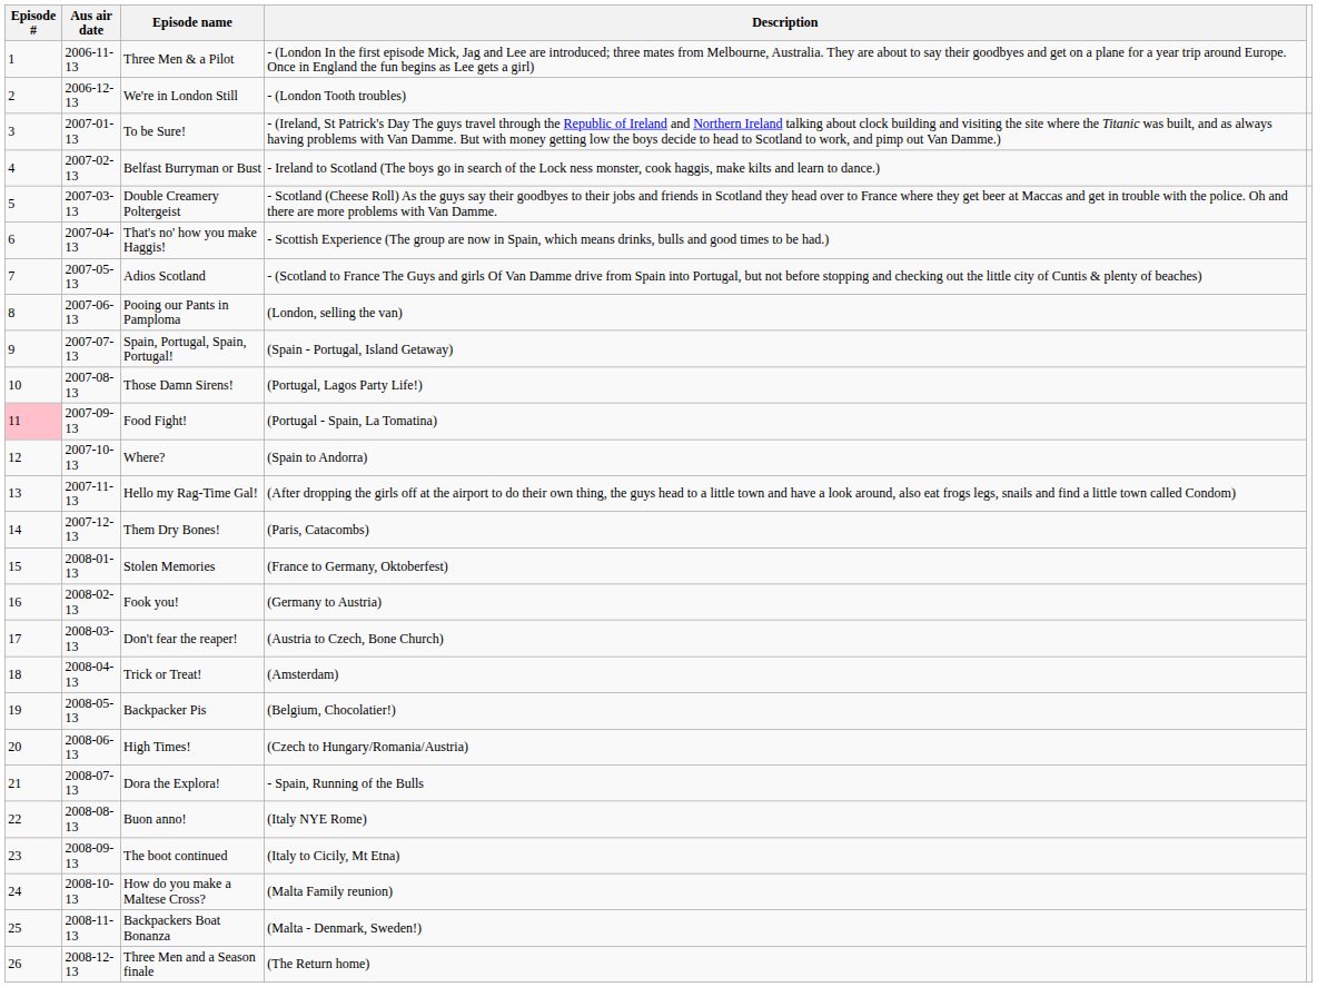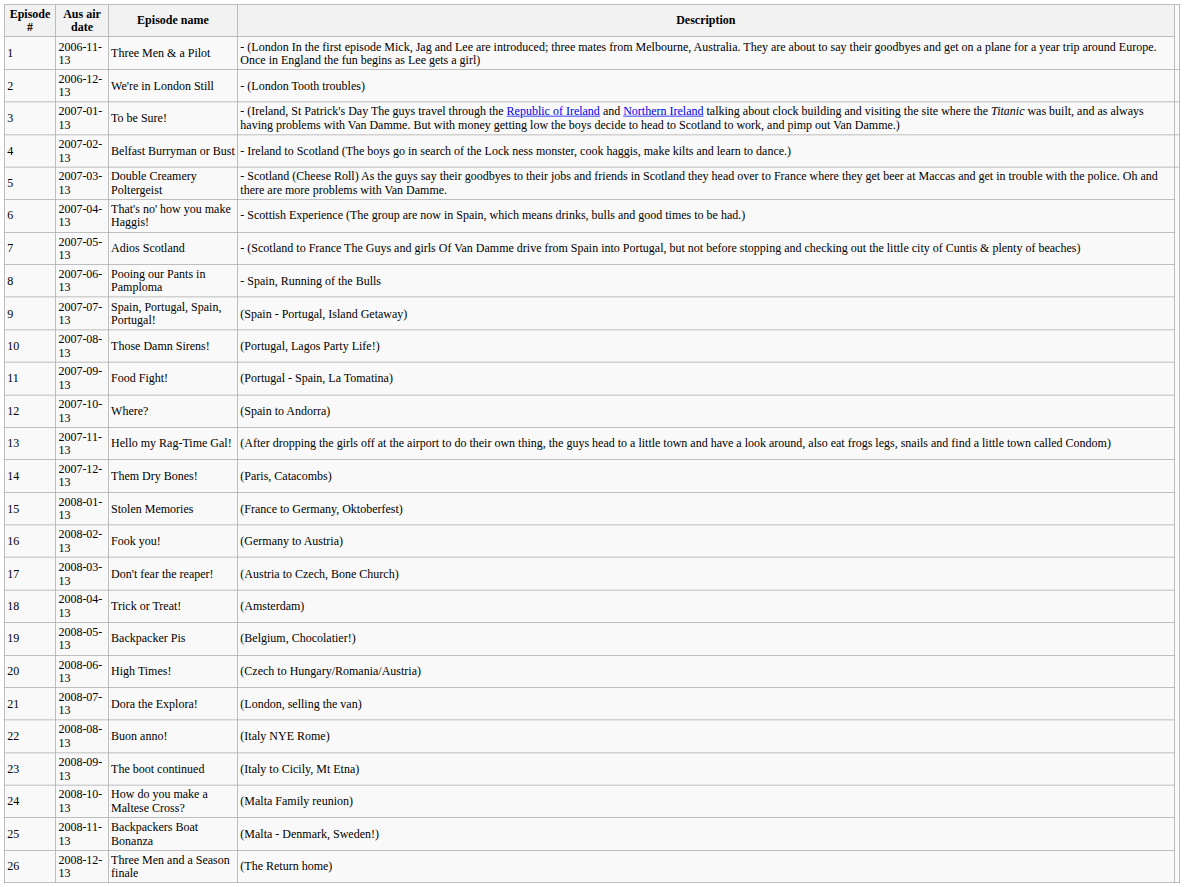 <table class="wikitable">
 <tr>
 <th>Episode #</th>
 <th>Aus air date</th>
 <th>Episode name</th>
 <th>Description</th>
 </tr>
 <tr>
 <td>1</td>
 <td>2006-11-13</td>
 <td>Three Men & a Pilot</td>
 <td>- (London  In the first episode Mick, Jag and Lee are introduced; three mates from Melbourne, Australia. They are about to say their goodbyes and get on a plane for a year trip around Europe. Once in England the fun begins as Lee gets a girl)</td>
 </tr>
 <tr>
 <td>2</td>
 <td>2006-12-13</td>
 <td>We're in London Still</td>
 <td>- (London Tooth troubles)</td>
 <td></td>
 </tr>
 <tr>
 <td>3</td>
 <td>2007-01-13</td>
 <td>To be Sure!</td>
 <td>- (Ireland, St Patrick's Day  The guys travel through the <a href='#'>Republic of Ireland</a> and <a href='#'>Northern Ireland</a> talking about clock building and visiting the site where the <em>Titanic</em> was built, and as always having problems with Van Damme. But with money getting low the boys decide to head to Scotland to work, and pimp out Van Damme.)</td>
 <td></td>
 </tr>
 <tr>
 <td>4</td>
 <td>2007-02-13</td>
 <td>Belfast Burryman or Bust</td>
 <td>- Ireland to Scotland  (The boys go in search of the Lock ness monster, cook haggis, make kilts and learn to dance.)</td>
 <td></td>
 </tr>
 <tr>
 <td>5</td>
 <td>2007-03-13</td>
 <td>Double Creamery Poltergeist</td>
 <td>- Scotland (Cheese Roll)  As the guys say their goodbyes to their jobs and friends in Scotland they head over to France where they get beer at Maccas and get in trouble with the police. Oh and there are more problems with Van Damme.</td>
 </tr>
 <tr>
 <td>6</td>
 <td>2007-04-13</td>
 <td>That's no' how you make Haggis!</td>
 <td>- Scottish Experience (The group are now in Spain, which means drinks, bulls and good times to be had.)</td>
 </tr>
 <tr>
 <td>7</td>
 <td>2007-05-13</td>
 <td>Adios Scotland</td>
 <td>- (Scotland to France  The Guys and girls Of Van Damme drive from Spain into Portugal, but not before stopping and checking out the little city of Cuntis & plenty of beaches)</td>
 </tr>
 <tr>
 <td>8</td>
 <td>2007-06-13</td>
 <td>Pooing our Pants in Pamploma</td>
-<td>(London, selling the van)</td>
+<td>- Spain, Running of the Bulls</td>
 </tr>
 <tr>
 <td>9</td>
 <td>2007-07-13</td>
 <td>Spain, Portugal, Spain, Portugal!</td>
 <td>(Spain - Portugal, Island Getaway)</td>
 </tr>
 <tr>
 <td>10</td>
 <td>2007-08-13</td>
 <td>Those Damn Sirens!</td>
 <td>(Portugal, Lagos Party Life!)</td>
 </tr>
 <tr>
-<td style="background: pink;">11</td>
+<td>11</td>
 <td>2007-09-13</td>
 <td>Food Fight!</td>
 <td>(Portugal - Spain, La Tomatina)</td>
 </tr>
 <tr>
 <td>12</td>
 <td>2007-10-13</td>
 <td>Where?</td>
 <td>(Spain to Andorra)</td>
 </tr>
 <tr>
 <td>13</td>
 <td>2007-11-13</td>
 <td>Hello my Rag-Time Gal!</td>
 <td>(After dropping the girls off at the airport to do their own thing, the guys head to a little town and have a look around, also eat frogs legs, snails and find a little town called Condom)</td>
 </tr>
 <tr>
 <td>14</td>
 <td>2007-12-13</td>
 <td>Them Dry Bones!</td>
 <td>(Paris, Catacombs)</td>
 </tr>
 <tr>
 <td>15</td>
 <td>2008-01-13</td>
 <td>Stolen Memories</td>
 <td>(France to Germany, Oktoberfest)</td>
 </tr>
 <tr>
 <td>16</td>
 <td>2008-02-13</td>
 <td>Fook you!</td>
 <td>(Germany to Austria)</td>
 </tr>
 <tr>
 <td>17</td>
 <td>2008-03-13</td>
 <td>Don't fear the reaper!</td>
 <td>(Austria to Czech, Bone Church)</td>
 </tr>
 <tr>
 <td>18</td>
 <td>2008-04-13</td>
 <td>Trick or Treat!</td>
 <td>(Amsterdam)</td>
 </tr>
 <tr>
 <td>19</td>
 <td>2008-05-13</td>
 <td>Backpacker Pis</td>
 <td>(Belgium, Chocolatier!)</td>
 </tr>
 <tr>
 <td>20</td>
 <td>2008-06-13</td>
 <td>High Times!</td>
 <td>(Czech to Hungary/Romania/Austria)</td>
 </tr>
 <tr>
 <td>21</td>
 <td>2008-07-13</td>
 <td>Dora the Explora!</td>
-<td>- Spain, Running of the Bulls</td>
+<td>(London, selling the van)</td>
 </tr>
 <tr>
 <td>22</td>
 <td>2008-08-13</td>
 <td>Buon anno!</td>
 <td>(Italy NYE Rome)</td>
 </tr>
 <tr>
 <td>23</td>
 <td>2008-09-13</td>
 <td>The boot continued</td>
 <td>(Italy to Cicily, Mt Etna)</td>
 </tr>
 <tr>
 <td>24</td>
 <td>2008-10-13</td>
 <td>How do you make a Maltese Cross?</td>
 <td>(Malta Family reunion)</td>
 </tr>
 <tr>
 <td>25</td>
 <td>2008-11-13</td>
 <td>Backpackers Boat Bonanza</td>
 <td>(Malta - Denmark, Sweden!)</td>
 </tr>
 <tr>
 <td>26</td>
 <td>2008-12-13</td>
 <td>Three Men and a Season finale</td>
 <td>(The Return home)</td>
 </tr>
 </table>
